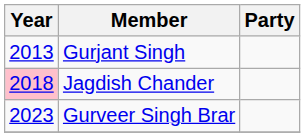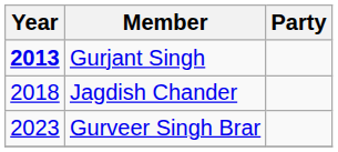 <table class="wikitable sortable">
 <tr>
 <th>Year</th>
 <th>Member</th>
 <th colspan="2">Party</th>
 </tr>
 <tr>
-<td><a href='#'>2013</a></td>
+<td><strong><a href='#'>2013</a></strong></td>
 <td><a href='#'>Gurjant Singh</a></td>
 <td></td>
 </tr>
 <tr>
-<td style="background: pink;"><a href='#'>2018</a></td>
+<td><a href='#'>2018</a></td>
 <td><a href='#'>Jagdish Chander</a></td>
 <td></td>
 </tr>
 <tr>
 <td><a href='#'>2023</a></td>
 <td><a href='#'>Gurveer Singh Brar</a></td>
 <td></td>
 </tr>
 <tr>
 </tr>
 </table>
